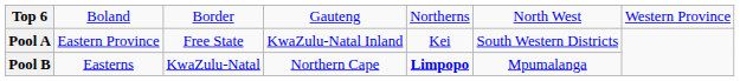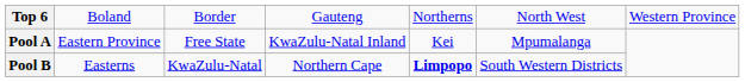 <table class="wikitable" style="text-align: center" style="font-size: 95%; border: 1px #aaaaaa solid; border-collapse: collapse; clear:center;">
 <tr>
 <th>Top 6</th>
 <td><a href='#'>Boland</a></td>
 <td><a href='#'>Border</a></td>
 <td><a href='#'>Gauteng</a></td>
 <td><a href='#'>Northerns</a></td>
 <td><a href='#'>North West</a></td>
 <td><a href='#'>Western Province</a></td>
 </tr>
 <tr>
 <th>Pool A</th>
 <td><a href='#'>Eastern Province</a></td>
 <td><a href='#'>Free State</a></td>
 <td><a href='#'>KwaZulu-Natal Inland</a></td>
 <td><a href='#'>Kei</a></td>
-<td><a href='#'>South Western Districts</a></td>
+<td><a href='#'>Mpumalanga</a></td>
 </tr>
 <tr>
 <th>Pool B</th>
 <td><a href='#'>Easterns</a></td>
 <td><a href='#'>KwaZulu-Natal</a></td>
 <td><a href='#'>Northern Cape</a></td>
 <td><strong><a href='#'>Limpopo</a></strong></td>
-<td><a href='#'>Mpumalanga</a></td>
+<td><a href='#'>South Western Districts</a></td>
 </tr>
 </table>
